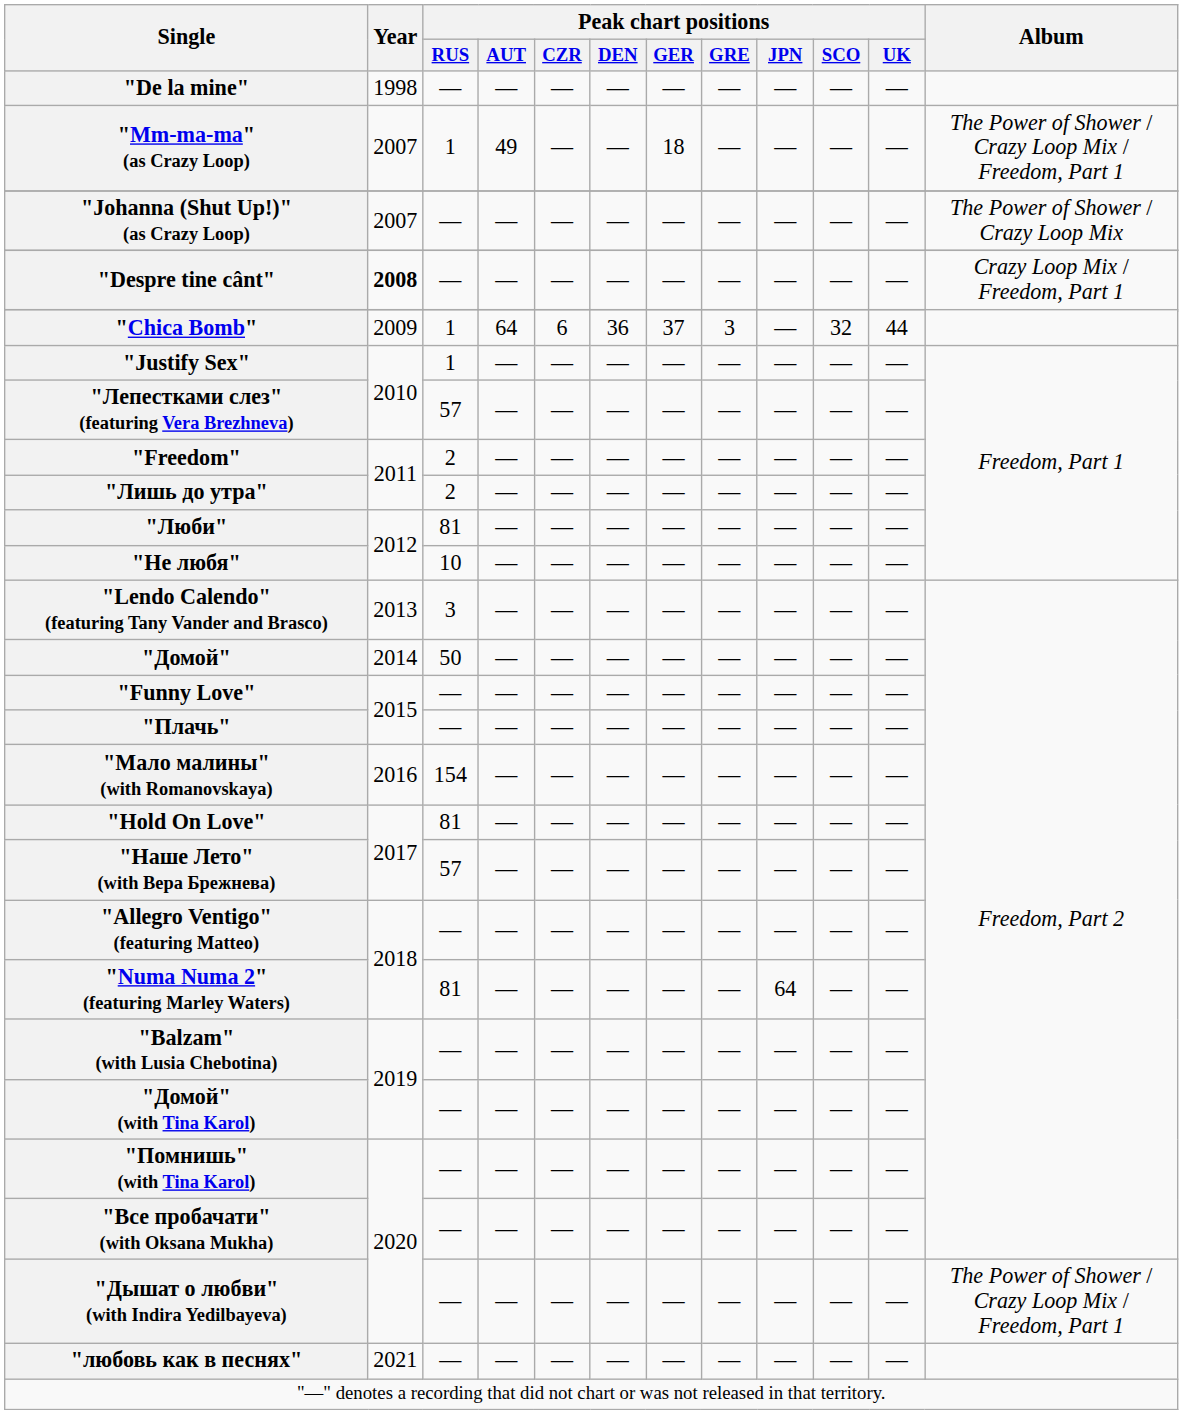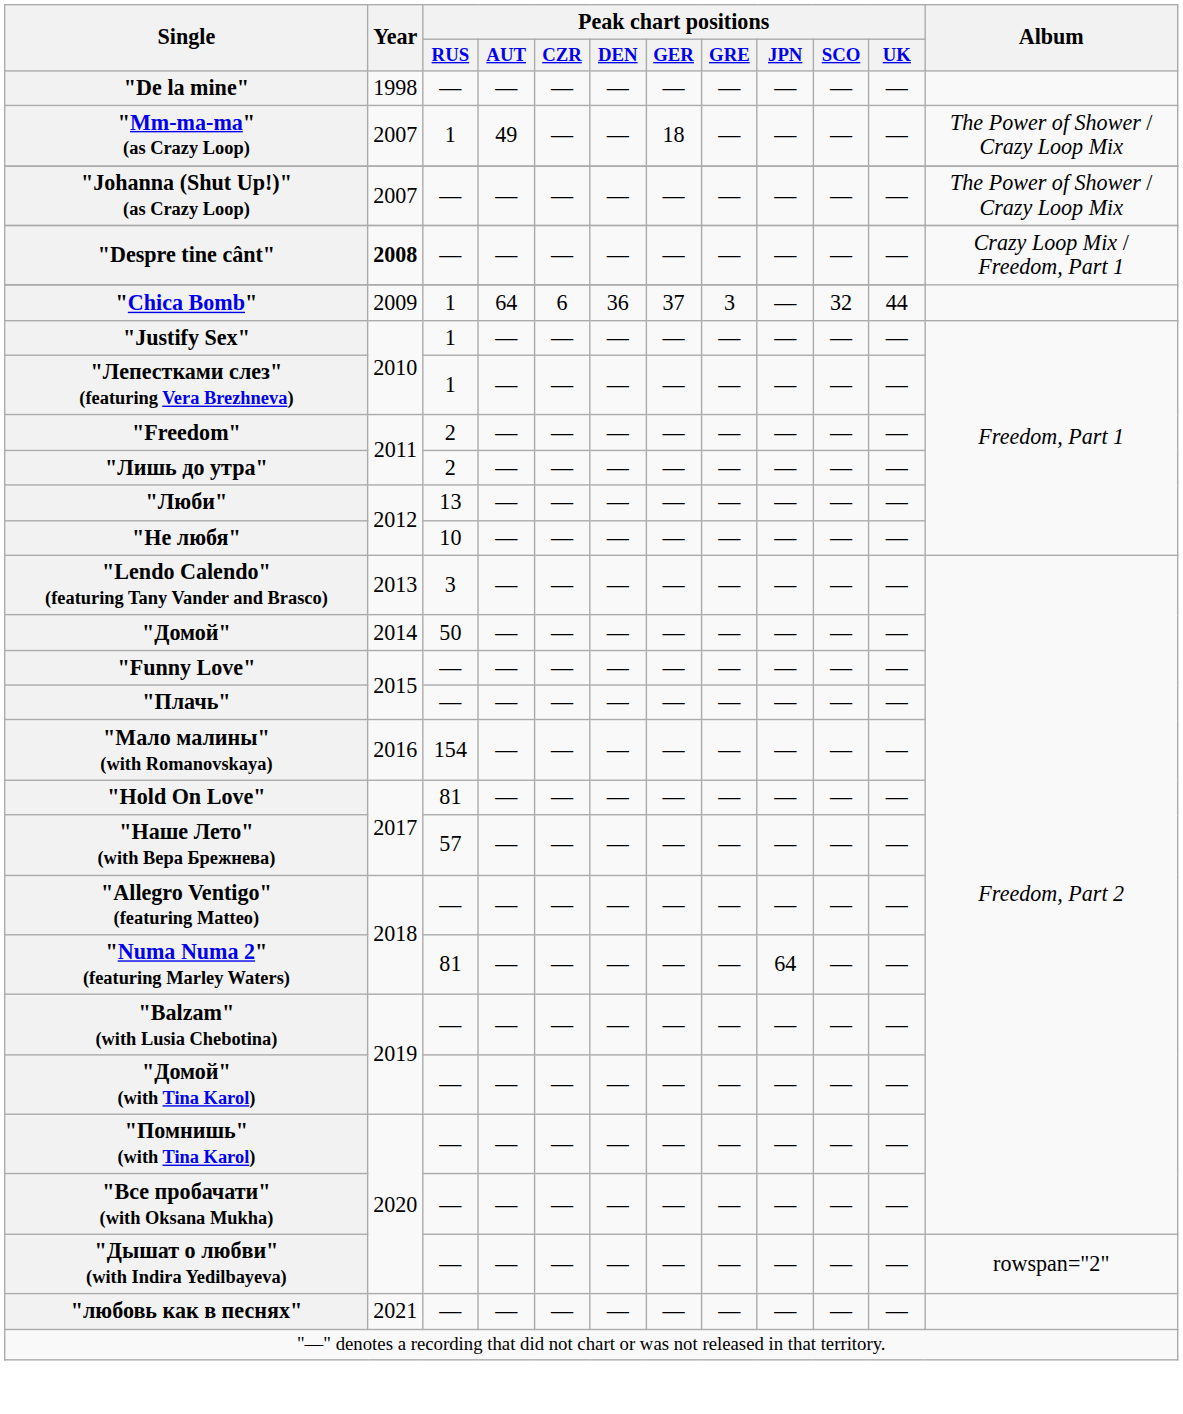 <table class="wikitable plainrowheaders" style="text-align:center;">
 <tr>
 <th scope="col" rowspan="2" style="width:16em;">Single</th>
 <th scope="col" rowspan="2" style="width:1em;">Year</th>
 <th scope="col" colspan="9" style="width:5em;">Peak chart positions</th>
 <th scope="col" rowspan="2" style="width:11em;">Album</th>
 </tr>
 <tr>
 <th scope="col" style="width:2.5em;font-size:85%;"><a href='#'>RUS</a><br></th>
 <th scope="col" style="width:2.5em;font-size:85%;"><a href='#'>AUT</a><br></th>
 <th scope="col" style="width:2.5em;font-size:85%;"><a href='#'>CZR</a><br></th>
 <th scope="col" style="width:2.5em;font-size:85%;"><a href='#'>DEN</a><br></th>
 <th scope="col" style="width:2.5em;font-size:85%;"><a href='#'>GER</a><br></th>
 <th scope="col" style="width:2.5em;font-size:85%;"><a href='#'>GRE</a><br></th>
 <th scope="col" style="width:2.5em;font-size:85%;"><a href='#'>JPN</a><br></th>
 <th scope="col" style="width:2.5em;font-size:85%;"><a href='#'>SCO</a><br></th>
 <th scope="col" style="width:2.5em;font-size:85%;"><a href='#'>UK</a><br></th>
 </tr>
 <tr>
 <th scope="row">"De la mine"</th>
 <td rowspan="1">1998</td>
 <td>—</td>
 <td>—</td>
 <td>—</td>
 <td>—</td>
 <td>—</td>
 <td>—</td>
 <td>—</td>
 <td>—</td>
 <td>—</td>
 <td></td>
 </tr>
 <tr>
 <th scope="row">"<a href='#'>Mm-ma-ma</a>"<br><small>(as Crazy Loop)</small></th>
 <td rowspan="1">2007</td>
 <td>1</td>
 <td>49</td>
 <td>—</td>
 <td>—</td>
 <td>18</td>
 <td>—</td>
 <td>—</td>
 <td>—</td>
 <td>—</td>
-<td><em>The Power of Shower</em> /<br><em>Crazy Loop Mix</em> /<br><em>Freedom, Part 1</em></td>
+<td><em>The Power of Shower</em> /<br><em>Crazy Loop Mix</em></td>
 </tr>
 <tr>
 </tr>
 <tr>
 <th scope="row">"Johanna (Shut Up!)"<br><small>(as Crazy Loop)</small></th>
 <td rowspan="1">2007</td>
 <td>—</td>
 <td>—</td>
 <td>—</td>
 <td>—</td>
 <td>—</td>
 <td>—</td>
 <td>—</td>
 <td>—</td>
 <td>—</td>
 <td><em>The Power of Shower</em> /<br><em>Crazy Loop Mix</em></td>
 </tr>
 <tr>
 </tr>
 <tr>
 <th scope="row">"Despre tine cânt"</th>
 <td rowspan="1"><strong>2008</strong></td>
 <td>—</td>
 <td>—</td>
 <td>—</td>
 <td>—</td>
 <td>—</td>
 <td>—</td>
 <td>—</td>
 <td>—</td>
 <td>—</td>
 <td rowspan="2"><em>Crazy Loop Mix</em> /<br><em>Freedom, Part 1</em></td>
 </tr>
 <tr>
 </tr>
 <tr>
 <th scope="row">"<a href='#'>Chica Bomb</a>"</th>
 <td rowspan="1">2009</td>
 <td>1</td>
 <td>64</td>
 <td>6</td>
 <td>36</td>
 <td>37</td>
 <td>3</td>
 <td>—</td>
 <td>32</td>
 <td>44</td>
 </tr>
 <tr>
 <th scope="row">"Justify Sex"</th>
 <td rowspan="2">2010</td>
 <td>1</td>
 <td>—</td>
 <td>—</td>
 <td>—</td>
 <td>—</td>
 <td>—</td>
 <td>—</td>
 <td>—</td>
 <td>—</td>
 <td rowspan="6"><em>Freedom, Part 1</em></td>
 </tr>
 <tr>
 <th scope="row">"Лепестками слез"<br><small>(featuring <a href='#'>Vera Brezhneva</a>)</small></th>
-<td>57</td>
+<td>1</td>
 <td>—</td>
 <td>—</td>
 <td>—</td>
 <td>—</td>
 <td>—</td>
 <td>—</td>
 <td>—</td>
 <td>—</td>
 </tr>
 <tr>
 <th scope="row">"Freedom"</th>
 <td rowspan="2">2011</td>
 <td>2</td>
 <td>—</td>
 <td>—</td>
 <td>—</td>
 <td>—</td>
 <td>—</td>
 <td>—</td>
 <td>—</td>
 <td>—</td>
 </tr>
 <tr>
 <th scope="row">"Лишь до утра"</th>
 <td>2</td>
 <td>—</td>
 <td>—</td>
 <td>—</td>
 <td>—</td>
 <td>—</td>
 <td>—</td>
 <td>—</td>
 <td>—</td>
 </tr>
 <tr>
 <th scope="row">"Люби"</th>
 <td rowspan="2">2012</td>
-<td>81</td>
+<td>13</td>
 <td>—</td>
 <td>—</td>
 <td>—</td>
 <td>—</td>
 <td>—</td>
 <td>—</td>
 <td>—</td>
 <td>—</td>
 </tr>
 <tr>
 <th scope="row">"Не любя"</th>
 <td>10</td>
 <td>—</td>
 <td>—</td>
 <td>—</td>
 <td>—</td>
 <td>—</td>
 <td>—</td>
 <td>—</td>
 <td>—</td>
 </tr>
 <tr>
 <th scope="row">"Lendo Calendo"<br><small>(featuring Tany Vander and Brasco)</small></th>
 <td rowspan="1">2013</td>
 <td>3</td>
 <td>—</td>
 <td>—</td>
 <td>—</td>
 <td>—</td>
 <td>—</td>
 <td>—</td>
 <td>—</td>
 <td>—</td>
 <td rowspan="13"><em>Freedom, Part 2</em></td>
 </tr>
 <tr>
 <th scope="row">"Домой"</th>
 <td rowspan="1">2014</td>
 <td>50</td>
 <td>—</td>
 <td>—</td>
 <td>—</td>
 <td>—</td>
 <td>—</td>
 <td>—</td>
 <td>—</td>
 <td>—</td>
 </tr>
 <tr>
 <th scope="row">"Funny Love"</th>
 <td rowspan="2">2015</td>
 <td>—</td>
 <td>—</td>
 <td>—</td>
 <td>—</td>
 <td>—</td>
 <td>—</td>
 <td>—</td>
 <td>—</td>
 <td>—</td>
 </tr>
 <tr>
 <th scope="row">"Плачь"</th>
 <td>—</td>
 <td>—</td>
 <td>—</td>
 <td>—</td>
 <td>—</td>
 <td>—</td>
 <td>—</td>
 <td>—</td>
 <td>—</td>
 </tr>
 <tr>
 <th scope="row">"Мало малины"<br><small>(with Romanovskaya)</small></th>
 <td rowspan="1">2016</td>
 <td>154</td>
 <td>—</td>
 <td>—</td>
 <td>—</td>
 <td>—</td>
 <td>—</td>
 <td>—</td>
 <td>—</td>
 <td>—</td>
 </tr>
 <tr>
 <th scope="row">"Hold On Love"</th>
 <td rowspan="2">2017</td>
 <td>81</td>
 <td>—</td>
 <td>—</td>
 <td>—</td>
 <td>—</td>
 <td>—</td>
 <td>—</td>
 <td>—</td>
 <td>—</td>
 </tr>
 <tr>
 <th scope="row">"Наше Лето"<br><small>(with Вера Брежнева)</small></th>
 <td>57</td>
 <td>—</td>
 <td>—</td>
 <td>—</td>
 <td>—</td>
 <td>—</td>
 <td>—</td>
 <td>—</td>
 <td>—</td>
 </tr>
 <tr>
 <th scope="row">"Allegro Ventigo"<br><small>(featuring Matteo)</small></th>
 <td rowspan="2">2018</td>
 <td>—</td>
 <td>—</td>
 <td>—</td>
 <td>—</td>
 <td>—</td>
 <td>—</td>
 <td>—</td>
 <td>—</td>
 <td>—</td>
 </tr>
 <tr>
 <th scope="row">"<a href='#'>Numa Numa 2</a>"<br><small>(featuring Marley Waters)</small></th>
 <td>81</td>
 <td>—</td>
 <td>—</td>
 <td>—</td>
 <td>—</td>
 <td>—</td>
 <td>64</td>
 <td>—</td>
 <td>—</td>
 </tr>
 <tr>
 <th scope="row">"Balzam"<br><small>(with Lusia Chebotina)</small></th>
 <td rowspan="2">2019</td>
 <td>—</td>
 <td>—</td>
 <td>—</td>
 <td>—</td>
 <td>—</td>
 <td>—</td>
 <td>—</td>
 <td>—</td>
 <td>—</td>
 </tr>
 <tr>
 <th scope="row">"Домой"<br><small>(with <a href='#'>Tina Karol</a>)</small></th>
 <td>—</td>
 <td>—</td>
 <td>—</td>
 <td>—</td>
 <td>—</td>
 <td>—</td>
 <td>—</td>
 <td>—</td>
 <td>—</td>
 </tr>
 <tr>
 <th scope="row">"Помнишь"<br><small>(with <a href='#'>Tina Karol</a>)</small></th>
 <td rowspan="3">2020</td>
 <td>—</td>
 <td>—</td>
 <td>—</td>
 <td>—</td>
 <td>—</td>
 <td>—</td>
 <td>—</td>
 <td>—</td>
 <td>—</td>
 </tr>
 <tr>
 <th scope="row">"Все пробачати"<br><small>(with Oksana Mukha)</small></th>
 <td>—</td>
 <td>—</td>
 <td>—</td>
 <td>—</td>
 <td>—</td>
 <td>—</td>
 <td>—</td>
 <td>—</td>
 <td>—</td>
 </tr>
 <tr>
 <th scope="row">"Дышат о любви"<br><small>(with Indira Yedilbayeva)</small></th>
 <td>—</td>
 <td>—</td>
 <td>—</td>
 <td>—</td>
 <td>—</td>
 <td>—</td>
 <td>—</td>
 <td>—</td>
 <td>—</td>
-<td><em>The Power of Shower</em> /<br><em>Crazy Loop Mix</em> /<br><em>Freedom, Part 1</em></td>
+<td>rowspan="2"</td>
 </tr>
 <tr>
 <th scope="row">"любовь как в песнях"</th>
 <td rowspan="1">2021</td>
 <td>—</td>
 <td>—</td>
 <td>—</td>
 <td>—</td>
 <td>—</td>
 <td>—</td>
 <td>—</td>
 <td>—</td>
 <td>—</td>
 </tr>
 <tr>
 <td colspan="12" style="font-size:85%">"—" denotes a recording that did not chart or was not released in that territory.</td>
 </tr>
 </table>
